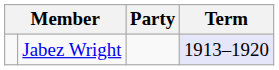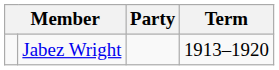 <table class="wikitable">
 <tr>
 <th colspan="2">Member</th>
 <th>Party</th>
 <th>Term</th>
 </tr>
 <tr>
 <td> </td>
 <td><a href='#'>Jabez Wright</a></td>
 <td></td>
-<td style="background: lavender;">1913–1920</td>
+<td>1913–1920</td>
 </tr>
 </table>
